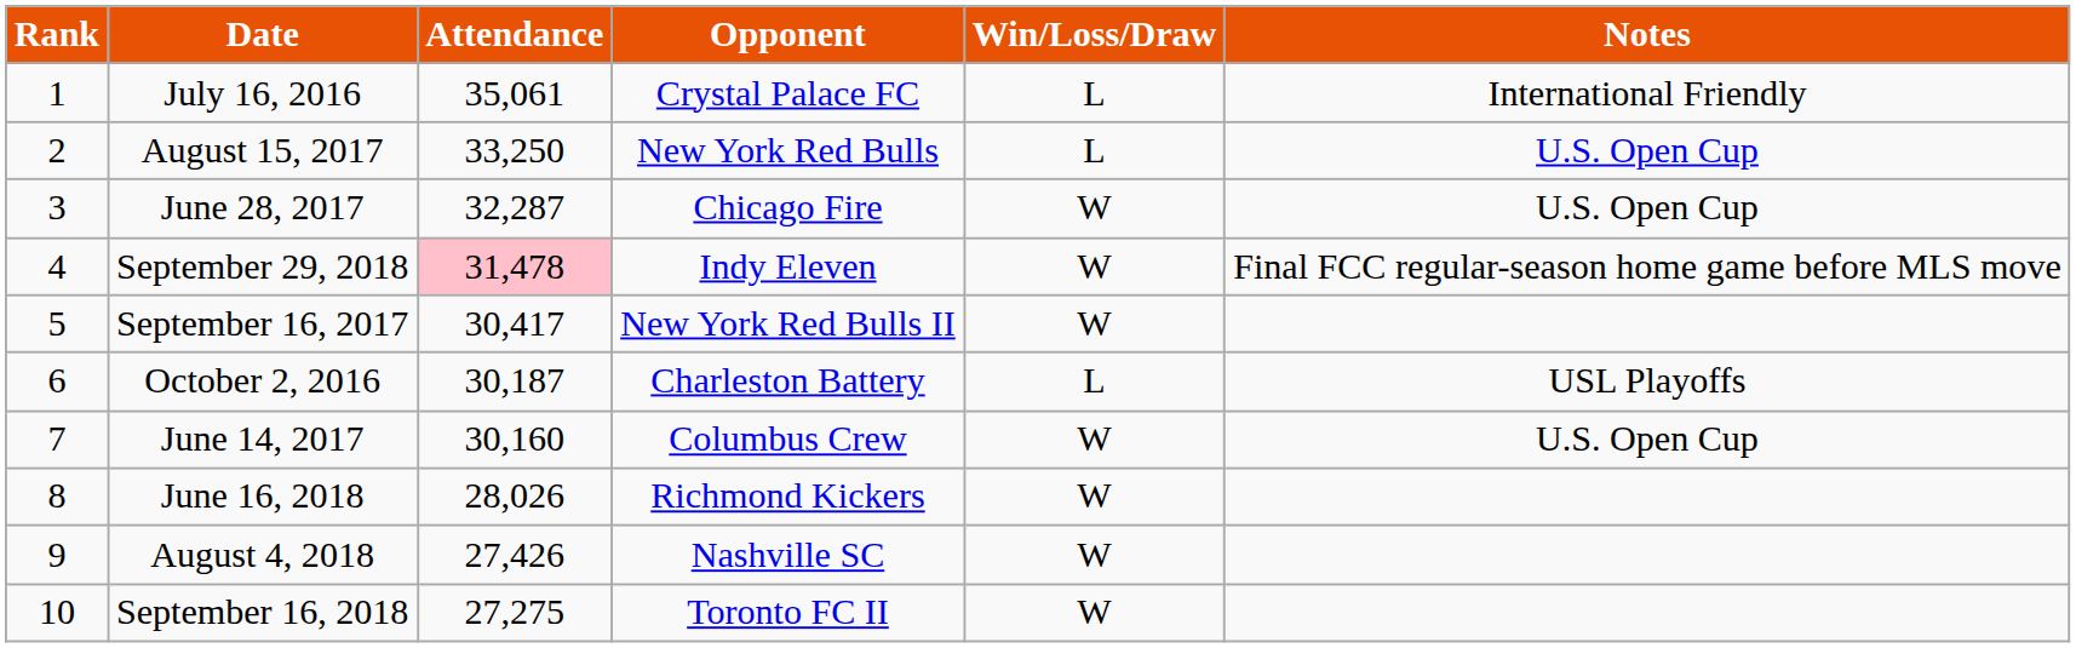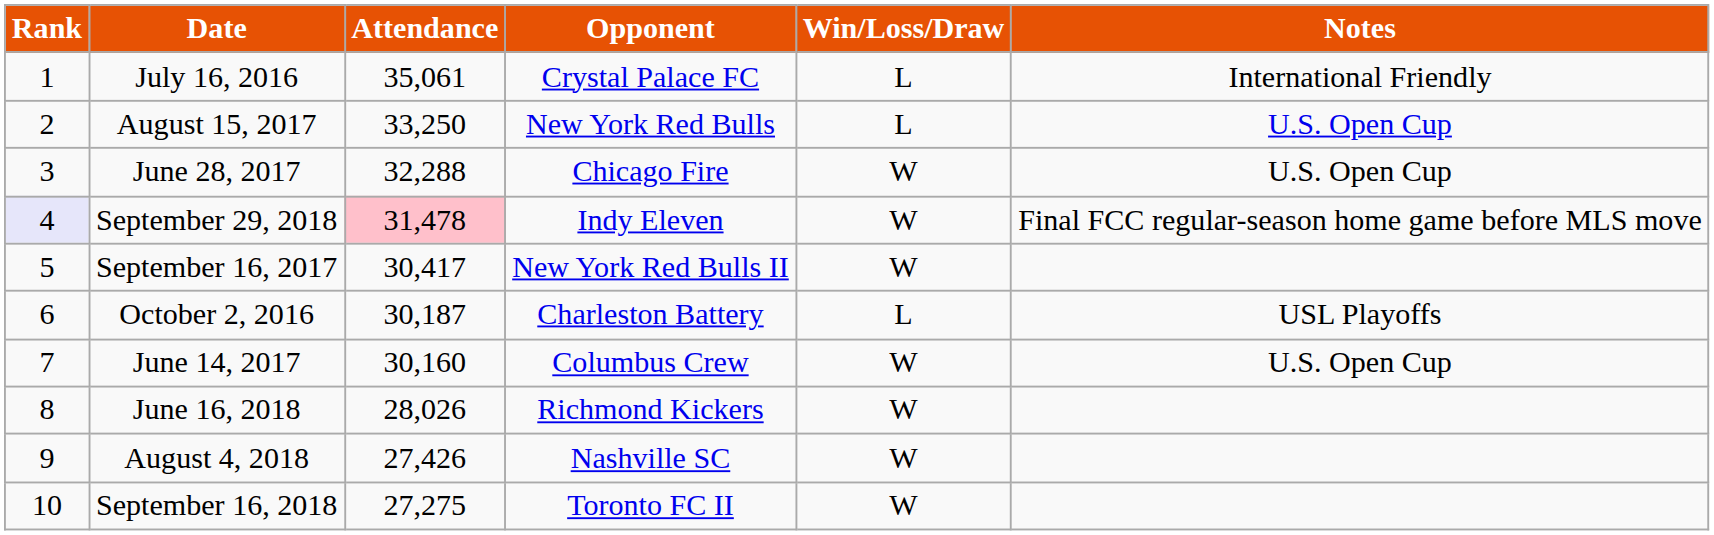 <table class=wikitable style="text-align:center">
 <tr>
 <th style="background:#E75204; color:#FFFFFF; ">Rank</th>
 <th style="background:#E75204; color:#FFFFFF; ">Date</th>
 <th style="background:#E75204; color:#FFFFFF; ">Attendance</th>
 <th style="background:#E75204; color:#FFFFFF; ">Opponent</th>
 <th style="background:#E75204; color:#FFFFFF; ">Win/Loss/Draw</th>
 <th style="background:#E75204; color:#FFFFFF; ">Notes</th>
 </tr>
 <tr>
 <td>1</td>
 <td align=center>July 16, 2016</td>
 <td>35,061</td>
 <td><a href='#'>Crystal Palace FC</a></td>
 <td>L</td>
 <td>International Friendly</td>
 </tr>
 <tr>
 <td>2</td>
 <td align=center>August 15, 2017</td>
 <td>33,250</td>
 <td><a href='#'>New York Red Bulls</a></td>
 <td>L</td>
 <td><a href='#'>U.S. Open Cup</a></td>
 </tr>
 <tr>
 <td>3</td>
 <td align=center>June 28, 2017</td>
-<td>32,287</td>
+<td>32,288</td>
 <td><a href='#'>Chicago Fire</a></td>
 <td>W</td>
 <td>U.S. Open Cup</td>
 </tr>
 <tr>
-<td>4</td>
+<td style="background: lavender;">4</td>
 <td align=center>September 29, 2018</td>
 <td style="background: pink;">31,478</td>
 <td><a href='#'>Indy Eleven</a></td>
 <td>W</td>
 <td>Final FCC regular-season home game before MLS move</td>
 </tr>
 <tr>
 <td>5</td>
 <td align=center>September 16, 2017</td>
 <td>30,417</td>
 <td><a href='#'>New York Red Bulls II</a></td>
 <td>W</td>
 <td></td>
 </tr>
 <tr>
 <td>6</td>
 <td align=center>October 2, 2016</td>
 <td>30,187</td>
 <td><a href='#'>Charleston Battery</a></td>
 <td>L</td>
 <td>USL Playoffs</td>
 </tr>
 <tr>
 <td>7</td>
 <td align=center>June 14, 2017</td>
 <td>30,160</td>
 <td><a href='#'>Columbus Crew</a></td>
 <td>W</td>
 <td>U.S. Open Cup</td>
 </tr>
 <tr>
 <td>8</td>
 <td align=center>June 16, 2018</td>
 <td>28,026</td>
 <td><a href='#'>Richmond Kickers</a></td>
 <td>W</td>
 <td></td>
 </tr>
 <tr>
 <td>9</td>
 <td align=center>August 4, 2018</td>
 <td>27,426</td>
 <td><a href='#'>Nashville SC</a></td>
 <td>W</td>
 <td></td>
 </tr>
 <tr>
 <td>10</td>
 <td align=center>September 16, 2018</td>
 <td>27,275</td>
 <td><a href='#'>Toronto FC II</a></td>
 <td>W</td>
 <td></td>
 </tr>
 </table>
